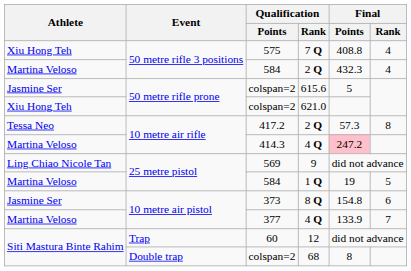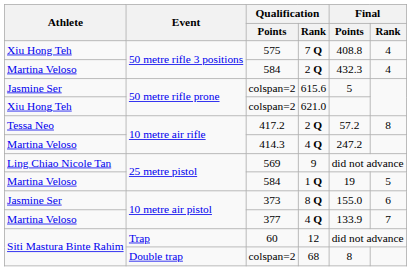 <table class="wikitable" style="font-size:90%">
 <tr>
 <th rowspan=2>Athlete</th>
 <th rowspan=2>Event</th>
 <th colspan=2>Qualification</th>
 <th colspan=2>Final</th>
 </tr>
 <tr style="font-size:95%">
 <th>Points</th>
 <th>Rank</th>
 <th>Points</th>
 <th>Rank</th>
 </tr>
 <tr align=center>
 <td align=left><a href='#'>Xiu Hong Teh</a></td>
 <td align=left rowspan=2><a href='#'>50 metre rifle 3 positions</a></td>
 <td>575</td>
 <td>7 <strong>Q</strong></td>
 <td>408.8</td>
 <td>4</td>
 </tr>
 <tr align=center>
 <td align=left><a href='#'>Martina Veloso</a></td>
 <td>584</td>
 <td>2 <strong>Q</strong></td>
 <td>432.3</td>
 <td>4</td>
 </tr>
 <tr align=center>
 <td align=left><a href='#'>Jasmine Ser</a></td>
 <td align=left rowspan=2><a href='#'>50 metre rifle prone</a></td>
 <td>colspan=2 </td>
 <td>615.6</td>
 <td>5</td>
 </tr>
 <tr align=center>
 <td align=left><a href='#'>Xiu Hong Teh</a></td>
 <td>colspan=2 </td>
 <td>621.0</td>
 <td></td>
 </tr>
 <tr align=center>
 <td align=left><a href='#'>Tessa Neo</a></td>
 <td align=left rowspan=2><a href='#'>10 metre air rifle</a></td>
 <td>417.2</td>
 <td>2 <strong>Q</strong></td>
-<td>57.3</td>
+<td>57.2</td>
 <td>8</td>
 </tr>
 <tr align=center>
 <td align=left><a href='#'>Martina Veloso</a></td>
 <td>414.3</td>
 <td>4 <strong>Q</strong></td>
-<td style="background: pink;">247.2</td>
+<td>247.2</td>
 <td></td>
 </tr>
 <tr align=center>
 <td align=left><a href='#'>Ling Chiao Nicole Tan</a></td>
 <td align=left rowspan=2><a href='#'>25 metre pistol</a></td>
 <td>569</td>
 <td>9</td>
 <td colspan=2>did not advance</td>
 </tr>
 <tr align=center>
 <td align=left><a href='#'>Martina Veloso</a></td>
 <td>584</td>
 <td>1 <strong>Q</strong></td>
 <td>19</td>
 <td>5</td>
 </tr>
 <tr align=center>
 <td align=left><a href='#'>Jasmine Ser</a></td>
 <td align=left rowspan=2><a href='#'>10 metre air pistol</a></td>
 <td>373</td>
 <td>8 <strong>Q</strong></td>
-<td>154.8</td>
+<td>155.0</td>
 <td>6</td>
 </tr>
 <tr align=center>
 <td align=left><a href='#'>Martina Veloso</a></td>
 <td>377</td>
 <td>4 <strong>Q</strong></td>
 <td>133.9</td>
 <td>7</td>
 </tr>
 <tr align=center>
 <td align=left rowspan=2><a href='#'>Siti Mastura Binte Rahim</a></td>
 <td align=left><a href='#'>Trap</a></td>
 <td>60</td>
 <td>12</td>
 <td colspan=2>did not advance</td>
 </tr>
 <tr align=center>
 <td align=left><a href='#'>Double trap</a></td>
 <td>colspan=2 </td>
 <td>68</td>
 <td>8</td>
 </tr>
 </table>
